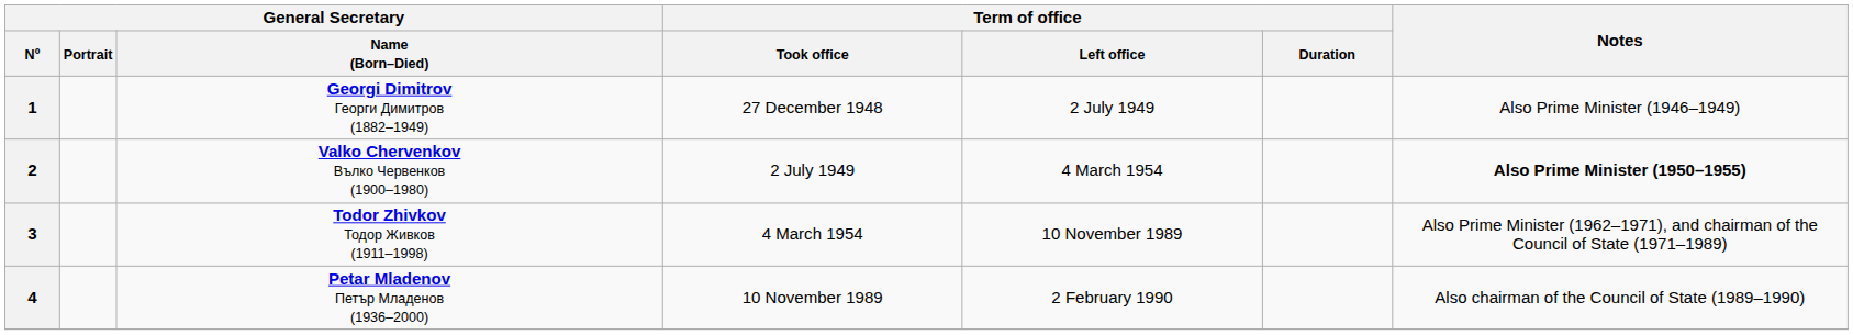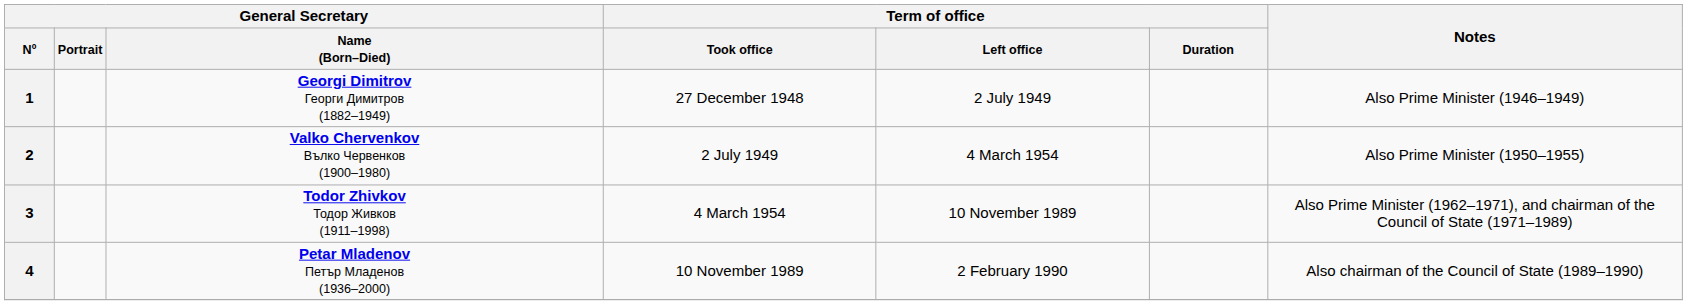 <table class="wikitable" style="text-align:center; width:90%">
 <tr>
 <th width=35% colspan=3>General Secretary</th>
 <th width=40% colspan=3>Term of office</th>
 <th width=25% rowspan=2>Notes</th>
 </tr>
 <tr>
 <th width=3%><small>Nº</small></th>
 <th><small>Portrait</small></th>
 <th width=30%><small>Name<br>(Born–Died)</small></th>
 <th><small>Took office</small></th>
 <th><small>Left office</small></th>
 <th><small>Duration</small></th>
 </tr>
 <tr>
 <th style="background:">1</th>
 <td></td>
 <td><strong><a href='#'>Georgi Dimitrov</a></strong><br><small><span>Георги Димитров</span><br>(1882–1949)</small></td>
 <td>27 December 1948</td>
 <td>2 July 1949</td>
 <td></td>
 <td>Also Prime Minister (1946–1949)</td>
 </tr>
 <tr>
 <th style="background:">2</th>
 <td></td>
 <td><strong><a href='#'>Valko Chervenkov</a></strong><br><small><span>Вълко Червенков</span><br>(1900–1980)</small></td>
 <td>2 July 1949</td>
 <td>4 March 1954</td>
 <td></td>
-<td><strong>Also Prime Minister (1950–1955)</strong></td>
+<td>Also Prime Minister (1950–1955)</td>
 </tr>
 <tr>
 <th style="background:">3</th>
 <td></td>
 <td><strong><a href='#'>Todor Zhivkov</a></strong><br><small><span>Тодор Живков</span><br>(1911–1998)</small></td>
 <td>4 March 1954</td>
 <td>10 November 1989</td>
 <td></td>
 <td>Also Prime Minister (1962–1971), and chairman of the Council of State (1971–1989)</td>
 </tr>
 <tr>
 <th style="background:">4</th>
 <td></td>
 <td><strong><a href='#'>Petar Mladenov</a></strong><br><small><span>Петър Младенов</span><br>(1936–2000)</small></td>
 <td>10 November 1989</td>
 <td>2 February 1990</td>
 <td></td>
 <td>Also chairman of the Council of State (1989–1990)</td>
 </tr>
 <tr>
 </tr>
 </table>
